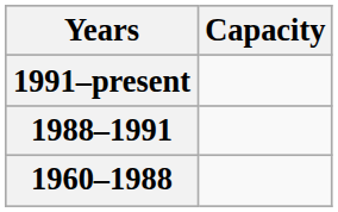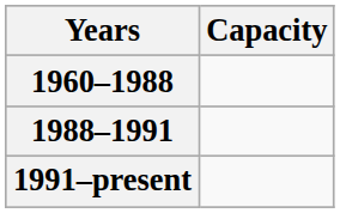 <table class="wikitable">
 <tr>
 <th>Years</th>
 <th>Capacity</th>
 </tr>
 <tr>
-<th>1991–present</th>
+<th>1960–1988</th>
 <td></td>
 </tr>
 <tr>
 <th>1988–1991</th>
 <td></td>
 </tr>
 <tr>
-<th>1960–1988</th>
+<th>1991–present</th>
 <td></td>
 </tr>
 </table>
